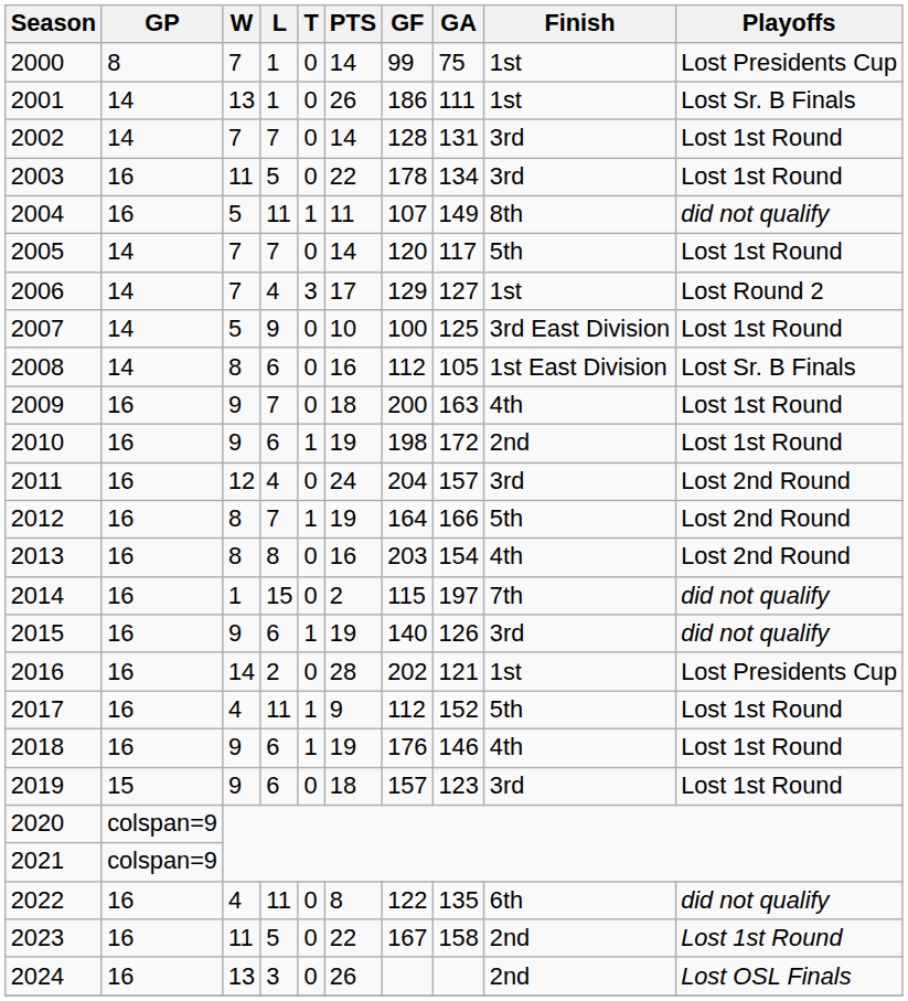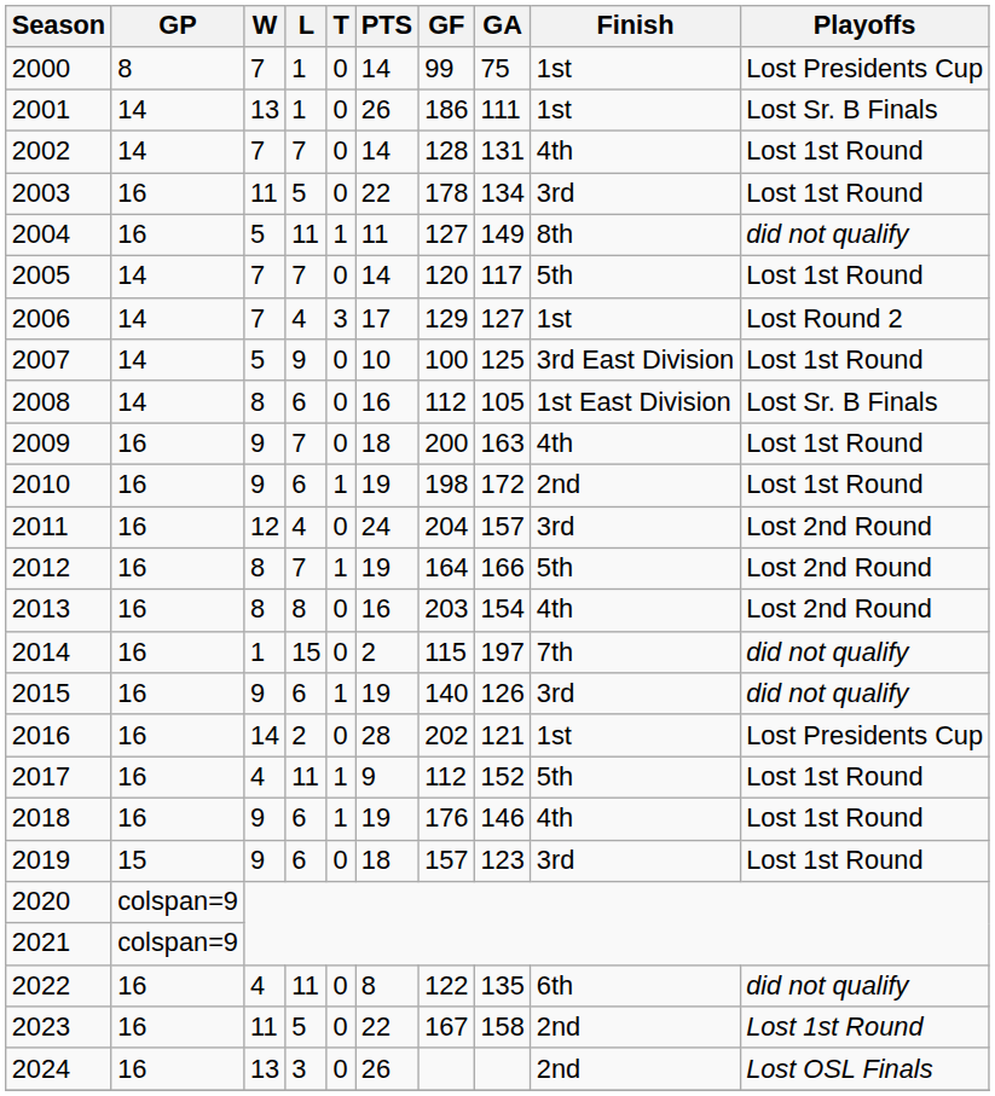 <table class="wikitable">
 <tr>
 <th>Season</th>
 <th>GP</th>
 <th>W</th>
 <th>L</th>
 <th>T</th>
 <th>PTS</th>
 <th>GF</th>
 <th>GA</th>
 <th>Finish</th>
 <th>Playoffs</th>
 </tr>
 <tr>
 <td>2000</td>
 <td>8</td>
 <td>7</td>
 <td>1</td>
 <td>0</td>
 <td>14</td>
 <td>99</td>
 <td>75</td>
 <td>1st</td>
 <td>Lost Presidents Cup</td>
 </tr>
 <tr>
 <td>2001</td>
 <td>14</td>
 <td>13</td>
 <td>1</td>
 <td>0</td>
 <td>26</td>
 <td>186</td>
 <td>111</td>
 <td>1st</td>
 <td>Lost Sr. B Finals</td>
 </tr>
 <tr>
 <td>2002</td>
 <td>14</td>
 <td>7</td>
 <td>7</td>
 <td>0</td>
 <td>14</td>
 <td>128</td>
 <td>131</td>
-<td>3rd</td>
+<td>4th</td>
 <td>Lost 1st Round</td>
 </tr>
 <tr>
 <td>2003</td>
 <td>16</td>
 <td>11</td>
 <td>5</td>
 <td>0</td>
 <td>22</td>
 <td>178</td>
 <td>134</td>
 <td>3rd</td>
 <td>Lost 1st Round</td>
 </tr>
 <tr>
 <td>2004</td>
 <td>16</td>
 <td>5</td>
 <td>11</td>
 <td>1</td>
 <td>11</td>
-<td>107</td>
+<td>127</td>
 <td>149</td>
 <td>8th</td>
 <td><em>did not qualify</em></td>
 </tr>
 <tr>
 <td>2005</td>
 <td>14</td>
 <td>7</td>
 <td>7</td>
 <td>0</td>
 <td>14</td>
 <td>120</td>
 <td>117</td>
 <td>5th</td>
 <td>Lost 1st Round</td>
 </tr>
 <tr>
 <td>2006</td>
 <td>14</td>
 <td>7</td>
 <td>4</td>
 <td>3</td>
 <td>17</td>
 <td>129</td>
 <td>127</td>
 <td>1st</td>
 <td>Lost Round 2</td>
 </tr>
 <tr>
 <td>2007</td>
 <td>14</td>
 <td>5</td>
 <td>9</td>
 <td>0</td>
 <td>10</td>
 <td>100</td>
 <td>125</td>
 <td>3rd East Division</td>
 <td>Lost 1st Round</td>
 </tr>
 <tr>
 <td>2008</td>
 <td>14</td>
 <td>8</td>
 <td>6</td>
 <td>0</td>
 <td>16</td>
 <td>112</td>
 <td>105</td>
 <td>1st East Division</td>
 <td>Lost Sr. B Finals</td>
 </tr>
 <tr>
 <td>2009</td>
 <td>16</td>
 <td>9</td>
 <td>7</td>
 <td>0</td>
 <td>18</td>
 <td>200</td>
 <td>163</td>
 <td>4th</td>
 <td>Lost 1st Round</td>
 </tr>
 <tr>
 <td>2010</td>
 <td>16</td>
 <td>9</td>
 <td>6</td>
 <td>1</td>
 <td>19</td>
 <td>198</td>
 <td>172</td>
 <td>2nd</td>
 <td>Lost 1st Round</td>
 </tr>
 <tr>
 <td>2011</td>
 <td>16</td>
 <td>12</td>
 <td>4</td>
 <td>0</td>
 <td>24</td>
 <td>204</td>
 <td>157</td>
 <td>3rd</td>
 <td>Lost 2nd Round</td>
 </tr>
 <tr>
 <td>2012</td>
 <td>16</td>
 <td>8</td>
 <td>7</td>
 <td>1</td>
 <td>19</td>
 <td>164</td>
 <td>166</td>
 <td>5th</td>
 <td>Lost 2nd Round</td>
 </tr>
 <tr>
 <td>2013</td>
 <td>16</td>
 <td>8</td>
 <td>8</td>
 <td>0</td>
 <td>16</td>
 <td>203</td>
 <td>154</td>
 <td>4th</td>
 <td>Lost 2nd Round</td>
 </tr>
 <tr>
 <td>2014</td>
 <td>16</td>
 <td>1</td>
 <td>15</td>
 <td>0</td>
 <td>2</td>
 <td>115</td>
 <td>197</td>
 <td>7th</td>
 <td><em>did not qualify</em></td>
 </tr>
 <tr>
 <td>2015</td>
 <td>16</td>
 <td>9</td>
 <td>6</td>
 <td>1</td>
 <td>19</td>
 <td>140</td>
 <td>126</td>
 <td>3rd</td>
 <td><em>did not qualify</em></td>
 </tr>
 <tr>
 <td>2016</td>
 <td>16</td>
 <td>14</td>
 <td>2</td>
 <td>0</td>
 <td>28</td>
 <td>202</td>
 <td>121</td>
 <td>1st</td>
 <td>Lost Presidents Cup</td>
 </tr>
 <tr>
 <td>2017</td>
 <td>16</td>
 <td>4</td>
 <td>11</td>
 <td>1</td>
 <td>9</td>
 <td>112</td>
 <td>152</td>
 <td>5th</td>
 <td>Lost 1st Round</td>
 </tr>
 <tr>
 <td>2018</td>
 <td>16</td>
 <td>9</td>
 <td>6</td>
 <td>1</td>
 <td>19</td>
 <td>176</td>
 <td>146</td>
 <td>4th</td>
 <td>Lost 1st Round</td>
 </tr>
 <tr>
 <td>2019</td>
 <td>15</td>
 <td>9</td>
 <td>6</td>
 <td>0</td>
 <td>18</td>
 <td>157</td>
 <td>123</td>
 <td>3rd</td>
 <td>Lost 1st Round</td>
 </tr>
 <tr>
 <td>2020</td>
 <td>colspan=9 </td>
 </tr>
 <tr>
 <td>2021</td>
 <td>colspan=9 </td>
 </tr>
 <tr>
 <td>2022</td>
 <td>16</td>
 <td>4</td>
 <td>11</td>
 <td>0</td>
 <td>8</td>
 <td>122</td>
 <td>135</td>
 <td>6th</td>
 <td><em>did not qualify</em></td>
 </tr>
 <tr>
 <td>2023</td>
 <td>16</td>
 <td>11</td>
 <td>5</td>
 <td>0</td>
 <td>22</td>
 <td>167</td>
 <td>158</td>
 <td>2nd</td>
 <td><em>Lost 1st Round</em></td>
 </tr>
 <tr>
 <td>2024</td>
 <td>16</td>
 <td>13</td>
 <td>3</td>
 <td>0</td>
 <td>26</td>
 <td></td>
 <td></td>
 <td>2nd</td>
 <td><em>Lost OSL Finals</em></td>
 </tr>
 <tr>
 </tr>
 </table>
